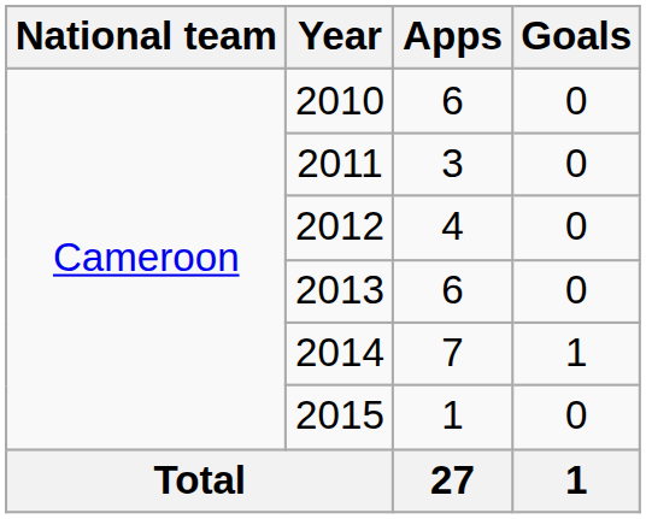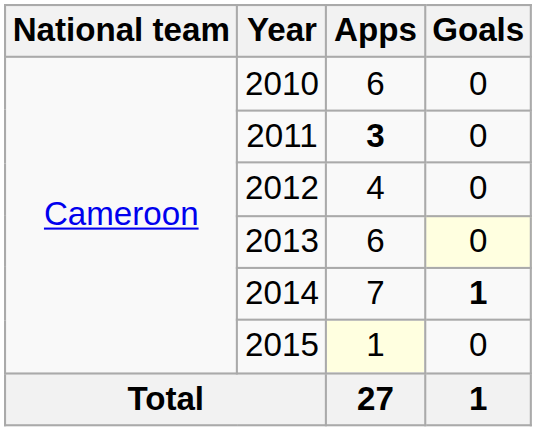 <table class="wikitable" style="text-align: center;">
 <tr>
 <th>National team</th>
 <th>Year</th>
 <th>Apps</th>
 <th>Goals</th>
 </tr>
 <tr>
 <td rowspan="6"><a href='#'>Cameroon</a></td>
 <td>2010</td>
 <td>6</td>
 <td>0</td>
 </tr>
 <tr>
 <td>2011</td>
-<td>3</td>
+<td><strong>3</strong></td>
 <td>0</td>
 </tr>
 <tr>
 <td>2012</td>
 <td>4</td>
 <td>0</td>
 </tr>
 <tr>
 <td>2013</td>
 <td>6</td>
-<td>0</td>
+<td style="background: lightyellow;">0</td>
 </tr>
 <tr>
 <td>2014</td>
 <td>7</td>
-<td>1</td>
+<td><strong>1</strong></td>
 </tr>
 <tr>
 <td>2015</td>
-<td>1</td>
+<td style="background: lightyellow;">1</td>
 <td>0</td>
 </tr>
 <tr>
 <th colspan=2>Total</th>
 <th>27</th>
 <th>1</th>
 </tr>
 </table>
